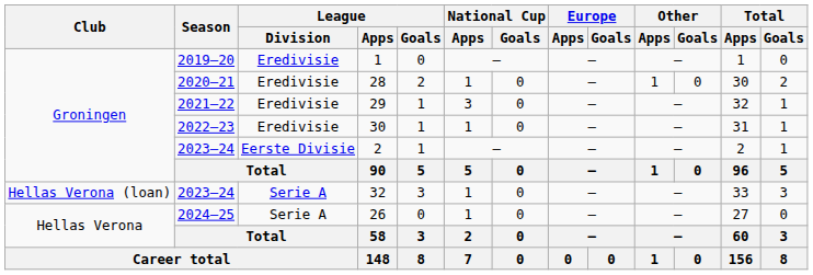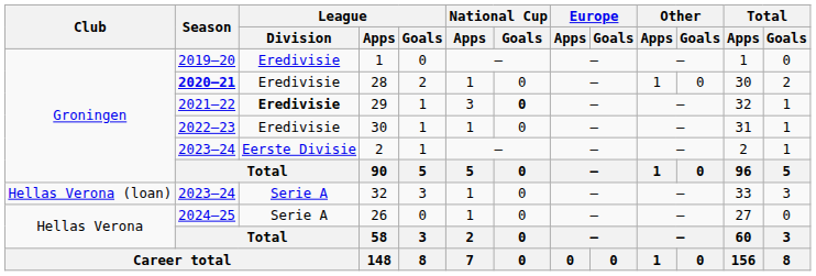 <table class=wikitable style=text-align:center>
 <tr>
 <th rowspan="2">Club</th>
 <th rowspan="2">Season</th>
 <th colspan="3">League</th>
 <th colspan="2">National Cup</th>
 <th colspan="2"><a href='#'>Europe</a></th>
 <th colspan="2">Other</th>
 <th colspan="2">Total</th>
 </tr>
 <tr>
 <th>Division</th>
 <th>Apps</th>
 <th>Goals</th>
 <th>Apps</th>
 <th>Goals</th>
 <th>Apps</th>
 <th>Goals</th>
 <th>Apps</th>
 <th>Goals</th>
 <th>Apps</th>
 <th>Goals</th>
 </tr>
 <tr>
 <td rowspan="6"><a href='#'>Groningen</a></td>
 <td><a href='#'>2019–20</a></td>
 <td><a href='#'>Eredivisie</a></td>
 <td>1</td>
 <td>0</td>
 <td colspan="2">—</td>
 <td colspan="2">—</td>
 <td colspan="2">—</td>
 <td>1</td>
 <td>0</td>
 </tr>
 <tr>
-<td><a href='#'>2020–21</a></td>
+<td><strong><a href='#'>2020–21</a></strong></td>
 <td>Eredivisie</td>
 <td>28</td>
 <td>2</td>
 <td>1</td>
 <td>0</td>
 <td colspan="2">—</td>
 <td>1</td>
 <td>0</td>
 <td>30</td>
 <td>2</td>
 </tr>
 <tr>
 <td><a href='#'>2021–22</a></td>
-<td>Eredivisie</td>
+<td><strong>Eredivisie</strong></td>
 <td>29</td>
 <td>1</td>
 <td>3</td>
-<td>0</td>
+<td><strong>0</strong></td>
 <td colspan="2">—</td>
 <td colspan="2">—</td>
 <td>32</td>
 <td>1</td>
 </tr>
 <tr>
 <td><a href='#'>2022–23</a></td>
 <td>Eredivisie</td>
 <td>30</td>
 <td>1</td>
 <td>1</td>
 <td>0</td>
 <td colspan="2">—</td>
 <td colspan="2">—</td>
 <td>31</td>
 <td>1</td>
 </tr>
 <tr>
 <td><a href='#'>2023–24</a></td>
 <td><a href='#'>Eerste Divisie</a></td>
 <td>2</td>
 <td>1</td>
 <td colspan="2">—</td>
 <td colspan="2">—</td>
 <td colspan="2">—</td>
 <td>2</td>
 <td>1</td>
 </tr>
 <tr>
 <th colspan="2">Total</th>
 <th>90</th>
 <th>5</th>
 <th>5</th>
 <th>0</th>
 <th colspan="2">—</th>
 <th>1</th>
 <th>0</th>
 <th>96</th>
 <th>5</th>
 </tr>
 <tr>
 <td><a href='#'>Hellas Verona</a> (loan)</td>
 <td><a href='#'>2023–24</a></td>
 <td><a href='#'>Serie A</a></td>
 <td>32</td>
 <td>3</td>
 <td>1</td>
 <td>0</td>
 <td colspan="2">—</td>
 <td colspan="2">—</td>
 <td>33</td>
 <td>3</td>
 </tr>
 <tr>
 <td rowspan="2">Hellas Verona</td>
 <td><a href='#'>2024–25</a></td>
 <td>Serie A</td>
 <td>26</td>
 <td>0</td>
 <td>1</td>
 <td>0</td>
 <td colspan="2">—</td>
 <td colspan="2">—</td>
 <td>27</td>
 <td>0</td>
 </tr>
 <tr>
 <th colspan="2">Total</th>
 <th>58</th>
 <th>3</th>
 <th>2</th>
 <th>0</th>
 <th colspan="2">—</th>
 <th colspan="2">—</th>
 <th>60</th>
 <th>3</th>
 </tr>
 <tr>
 <th colspan="3">Career total</th>
 <th>148</th>
 <th>8</th>
 <th>7</th>
 <th>0</th>
 <th>0</th>
 <th>0</th>
 <th>1</th>
 <th>0</th>
 <th>156</th>
 <th>8</th>
 </tr>
 </table>
